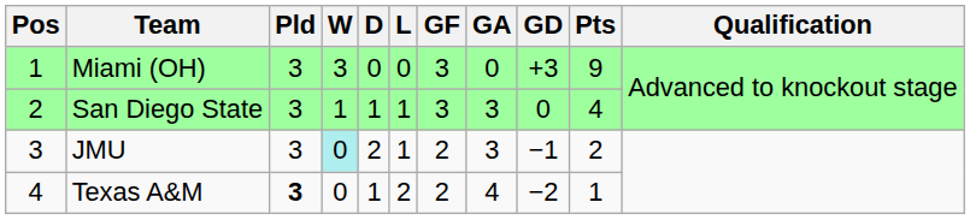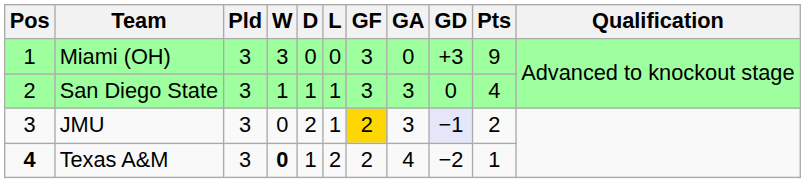 <table class="wikitable" style="text-align:center">
 <tr>
 <th>Pos</th>
 <th>Team</th>
 <th>Pld</th>
 <th>W</th>
 <th>D</th>
 <th>L</th>
 <th>GF</th>
 <th>GA</th>
 <th>GD</th>
 <th>Pts</th>
 <th>Qualification</th>
 </tr>
 <tr bgcolor="#9eff9e">
 <td>1</td>
 <td style="text-align:left">Miami (OH)</td>
 <td>3</td>
 <td>3</td>
 <td>0</td>
 <td>0</td>
 <td>3</td>
 <td>0</td>
 <td>+3</td>
 <td>9</td>
 <td rowspan="2">Advanced to knockout stage</td>
 </tr>
 <tr bgcolor="#9eff9e">
 <td>2</td>
 <td style="text-align:left">San Diego State</td>
 <td>3</td>
 <td>1</td>
 <td>1</td>
 <td>1</td>
 <td>3</td>
 <td>3</td>
 <td>0</td>
 <td>4</td>
 </tr>
 <tr>
 <td>3</td>
 <td style="text-align:left">JMU</td>
 <td>3</td>
-<td style="background: paleturquoise;">0</td>
+<td>0</td>
 <td>2</td>
 <td>1</td>
-<td>2</td>
+<td style="background: gold;">2</td>
 <td>3</td>
-<td>−1</td>
+<td style="background: lavender;">−1</td>
 <td>2</td>
 <td rowspan="2"></td>
 </tr>
 <tr>
-<td>4</td>
+<td><strong>4</strong></td>
 <td style="text-align:left">Texas A&M</td>
-<td><strong>3</strong></td>
-<td>0</td>
+<td>3</td>
+<td><strong>0</strong></td>
 <td>1</td>
 <td>2</td>
 <td>2</td>
 <td>4</td>
 <td>−2</td>
 <td>1</td>
 </tr>
 </table>
